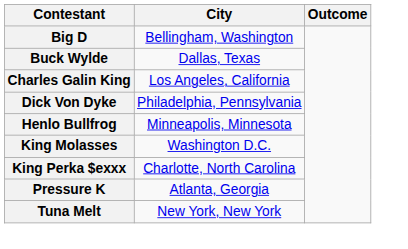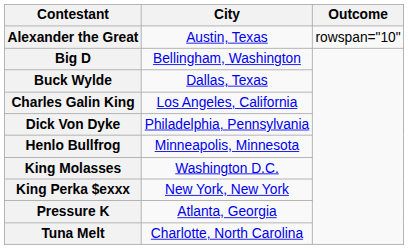 <table class="wikitable sortable" style="text-align:center">
 <tr>
 <th scope="col">Contestant</th>
 <th scope="col">City</th>
 <th scope="col">Outcome</th>
+</tr>
+<tr>
+<th scope="row" nowrap>Alexander the Great</th>
+<td><a href='#'>Austin, Texas</a></td>
+<td>rowspan="10" </td>
 </tr>
 <tr>
 <th scope="row">Big D</th>
 <td nowrap><a href='#'>Bellingham, Washington</a></td>
 </tr>
 <tr>
 <th scope="row">Buck Wylde</th>
 <td><a href='#'>Dallas, Texas</a></td>
 </tr>
 <tr>
 <th scope="row" nowrap>Charles Galin King</th>
 <td nowrap><a href='#'>Los Angeles, California</a></td>
 </tr>
 <tr>
 <th scope="row">Dick Von Dyke</th>
 <td nowrap><a href='#'>Philadelphia, Pennsylvania</a></td>
 </tr>
 <tr>
 <th scope="row">Henlo Bullfrog</th>
 <td nowrap><a href='#'>Minneapolis, Minnesota</a></td>
 </tr>
 <tr>
 <th scope="row">King Molasses</th>
 <td nowrap><a href='#'>Washington D.C.</a></td>
 </tr>
 <tr>
 <th scope="row" nowrap>King Perka $exxx</th>
-<td nowrap><a href='#'>Charlotte, North Carolina</a></td>
+<td><a href='#'>New York, New York</a></td>
 </tr>
 <tr>
 <th scope="row">Pressure K</th>
 <td nowrap><a href='#'>Atlanta, Georgia</a></td>
 </tr>
 <tr>
 <th scope="row">Tuna Melt</th>
-<td><a href='#'>New York, New York</a></td>
+<td nowrap><a href='#'>Charlotte, North Carolina</a></td>
 </tr>
 </table>
